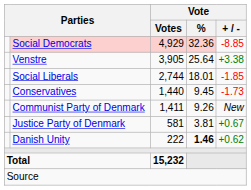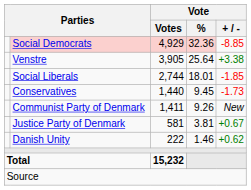 <table class="wikitable" style="text-align:right;">
 <tr>
 <th style="text-align:centre;" rowspan="2" colspan="2" width="225">Parties</th>
 <th colspan="3">Vote</th>
 </tr>
 <tr>
 <th width="15">Votes</th>
 <th width="15">%</th>
 <th width="15">+ / -</th>
 </tr>
 <tr>
 <td width="2" style="color:inherit;background:"></td>
 <td bgcolor=#fbd0ce  align="left"><a href='#'>Social Democrats</a></td>
 <td bgcolor=#fbd0ce>4,929</td>
 <td bgcolor=#fbd0ce>32.36</td>
 <td style=color:red;>-8.85</td>
 </tr>
 <tr>
 <td width="2" style="color:inherit;background:"></td>
 <td align="left"><a href='#'>Venstre</a></td>
 <td>3,905</td>
 <td>25.64</td>
 <td style=color:green;>+3.38</td>
 </tr>
 <tr>
 <td width="2" style="color:inherit;background:"></td>
 <td align="left"><a href='#'>Social Liberals</a></td>
 <td>2,744</td>
 <td>18.01</td>
 <td style=color:red;>-1.85</td>
 </tr>
 <tr>
 <td width="2" style="color:inherit;background:"></td>
 <td align="left"><a href='#'>Conservatives</a></td>
 <td>1,440</td>
 <td>9.45</td>
 <td style=color:red;>-1.73</td>
 </tr>
 <tr>
 <td width="2" style="color:inherit;background:"></td>
 <td align="left"><a href='#'>Communist Party of Denmark</a></td>
 <td>1,411</td>
 <td>9.26</td>
 <td><em>New</em></td>
 </tr>
 <tr>
 <td width="2" style="color:inherit;background:"></td>
 <td align="left"><a href='#'>Justice Party of Denmark</a></td>
 <td>581</td>
 <td>3.81</td>
 <td style=color:green;>+0.67</td>
 </tr>
 <tr>
 <td width="2" style="color:inherit;background:"></td>
 <td align="left"><a href='#'>Danish Unity</a></td>
 <td>222</td>
-<td><strong>1.46</strong></td>
+<td>1.46</td>
 <td style=color:green;>+0.62</td>
 </tr>
 <tr>
 <td colspan="7" bgcolor="#E9E9E9"></td>
 </tr>
 <tr>
 <td align="left" colspan="2"><strong>Total</strong></td>
 <td><strong>15,232</strong></td>
 <td bgcolor="#E9E9E9" colspan="2"></td>
 </tr>
 <tr>
 <td align="left" colspan="6">Source</td>
 </tr>
 </table>
